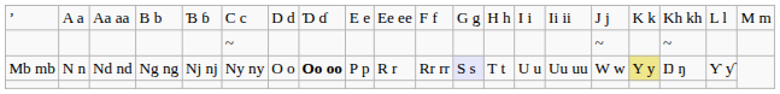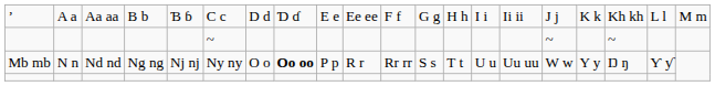 <table class="wikitable">
 <tr>
 <td>’</td>
 <td>A a</td>
 <td>Aa aa</td>
 <td>B b</td>
 <td>Ɓ ɓ</td>
 <td>C c</td>
 <td>D d</td>
 <td>Ɗ ɗ</td>
 <td>E e</td>
 <td>Ee ee</td>
 <td>F f</td>
 <td>G g</td>
 <td>H h</td>
 <td>I i</td>
 <td>Ii ii</td>
 <td>J j</td>
 <td>K k</td>
 <td>Kh kh</td>
 <td>L l</td>
 <td>M m</td>
 </tr>
 <tr>
 <td></td>
 <td></td>
 <td></td>
 <td></td>
 <td></td>
 <td>‍~‍</td>
 <td></td>
 <td></td>
 <td></td>
 <td></td>
 <td></td>
 <td></td>
 <td></td>
 <td></td>
 <td></td>
 <td>~‍</td>
 <td></td>
 <td>~</td>
 <td></td>
 <td></td>
 </tr>
 <tr>
 <td>Mb mb</td>
 <td>N n</td>
 <td>Nd nd</td>
 <td>Ng ng</td>
 <td>Nj nj</td>
 <td>Ny ny</td>
 <td>O o</td>
 <td><strong>Oo oo</strong></td>
 <td>P p</td>
 <td>R r</td>
 <td>Rr rr</td>
-<td style="background: lavender;">S s</td>
+<td>S s</td>
 <td>T t</td>
 <td>U u</td>
 <td>Uu uu</td>
 <td>W w</td>
-<td style="background: khaki;">Y y</td>
+<td>Y y</td>
 <td>Ŋ ŋ</td>
 <td>Ƴ ƴ</td>
 </tr>
 <tr>
 <td></td>
 <td></td>
 <td></td>
 <td></td>
 <td></td>
 <td></td>
 <td></td>
 <td></td>
 <td></td>
 <td></td>
 <td></td>
 <td></td>
 <td></td>
 <td></td>
 <td></td>
 <td></td>
 <td></td>
 <td></td>
 <td></td>
 </tr>
 </table>
